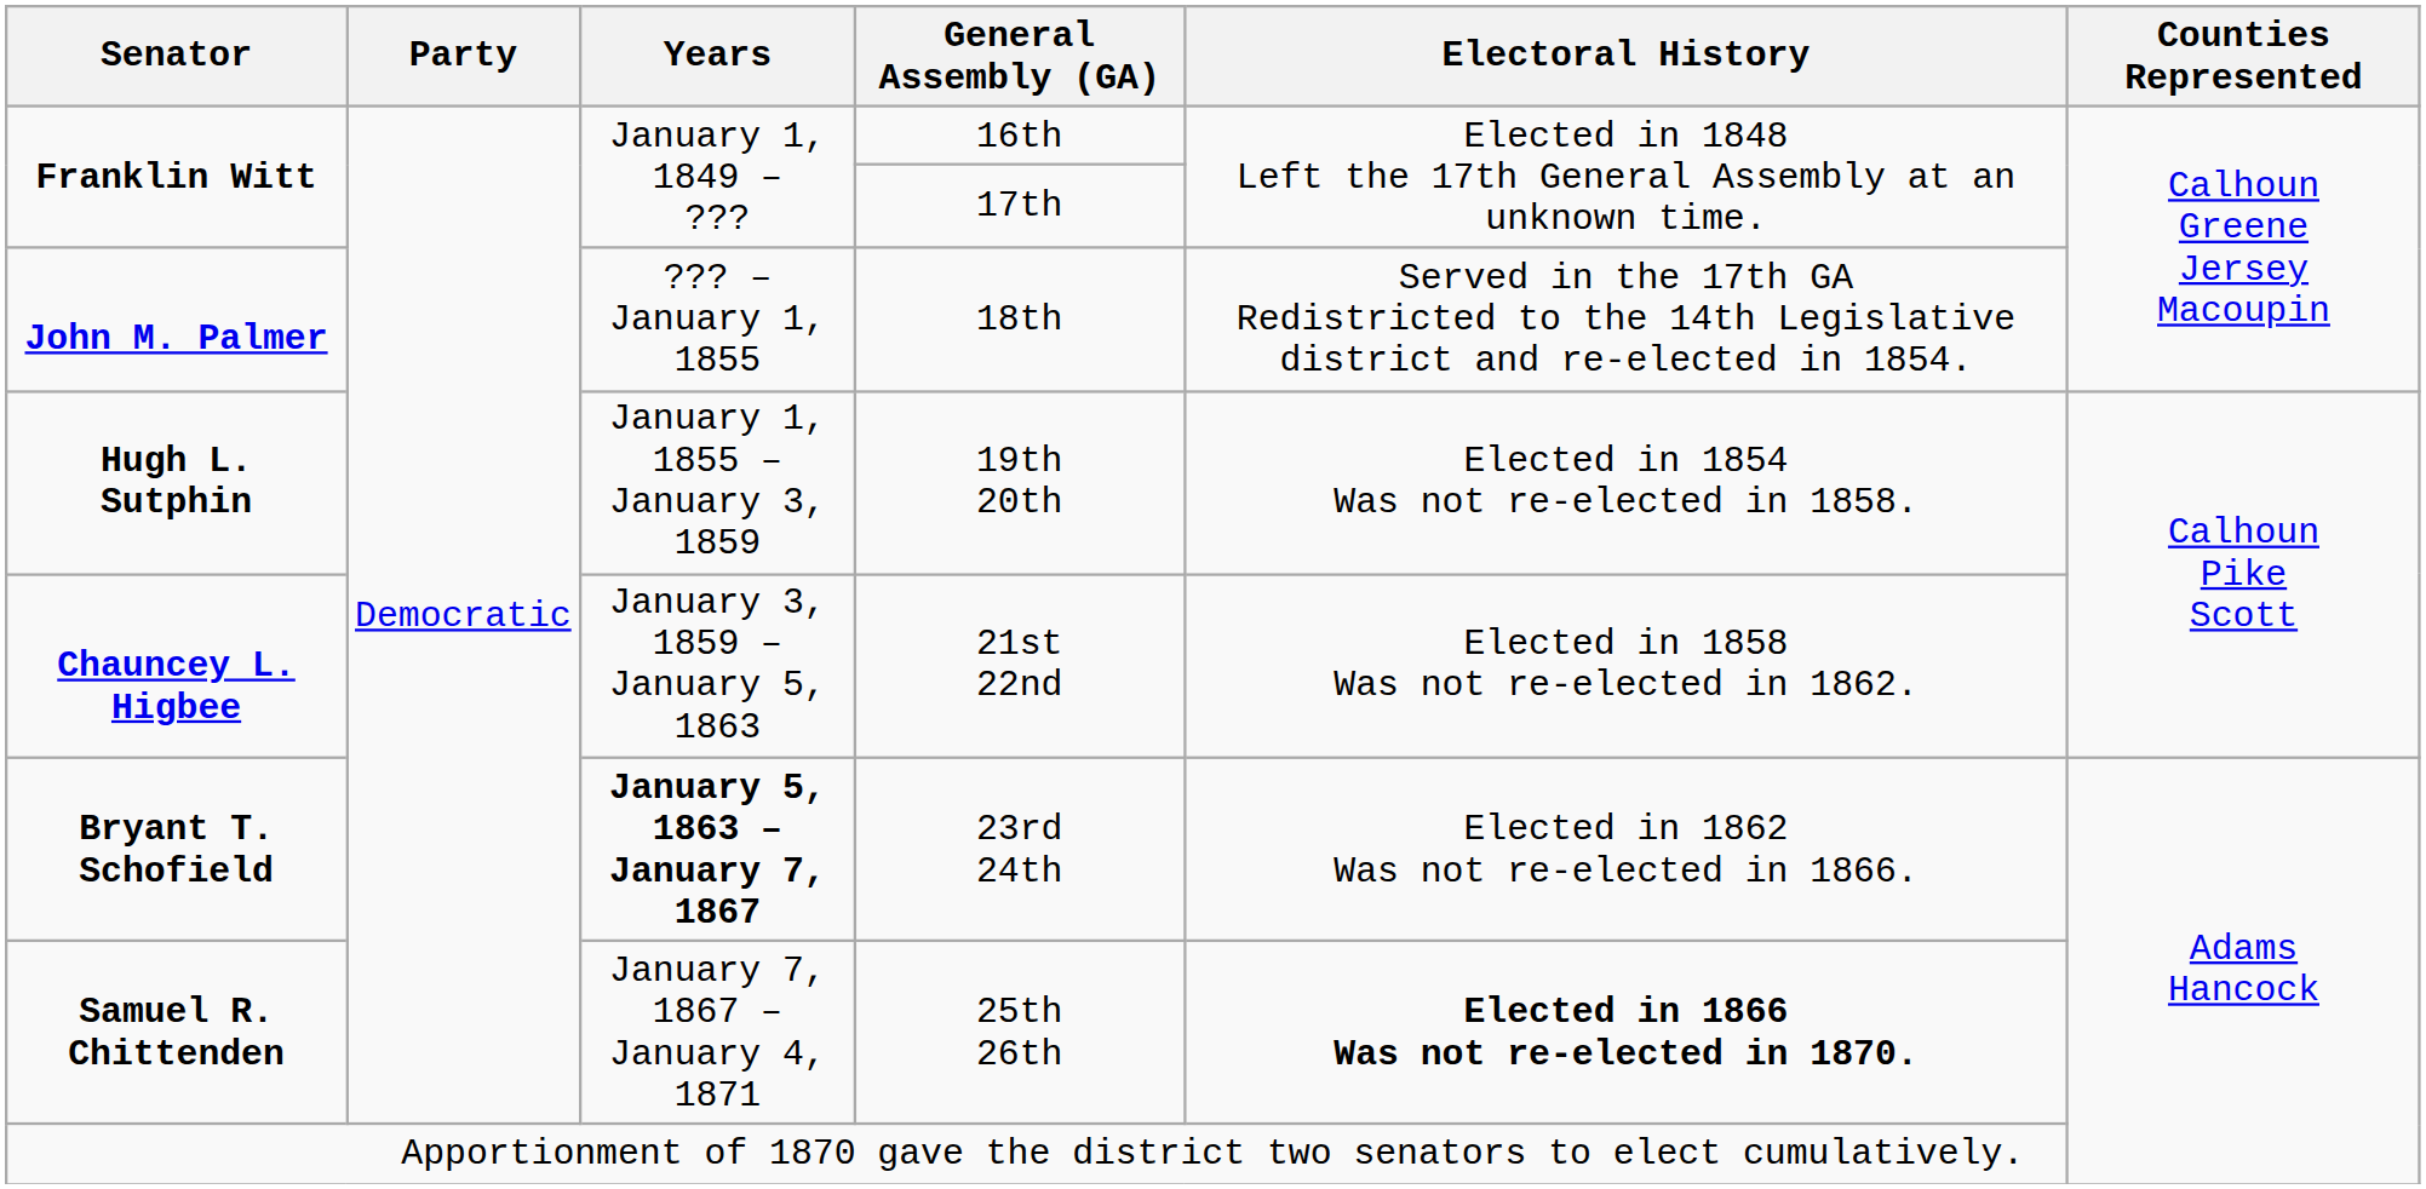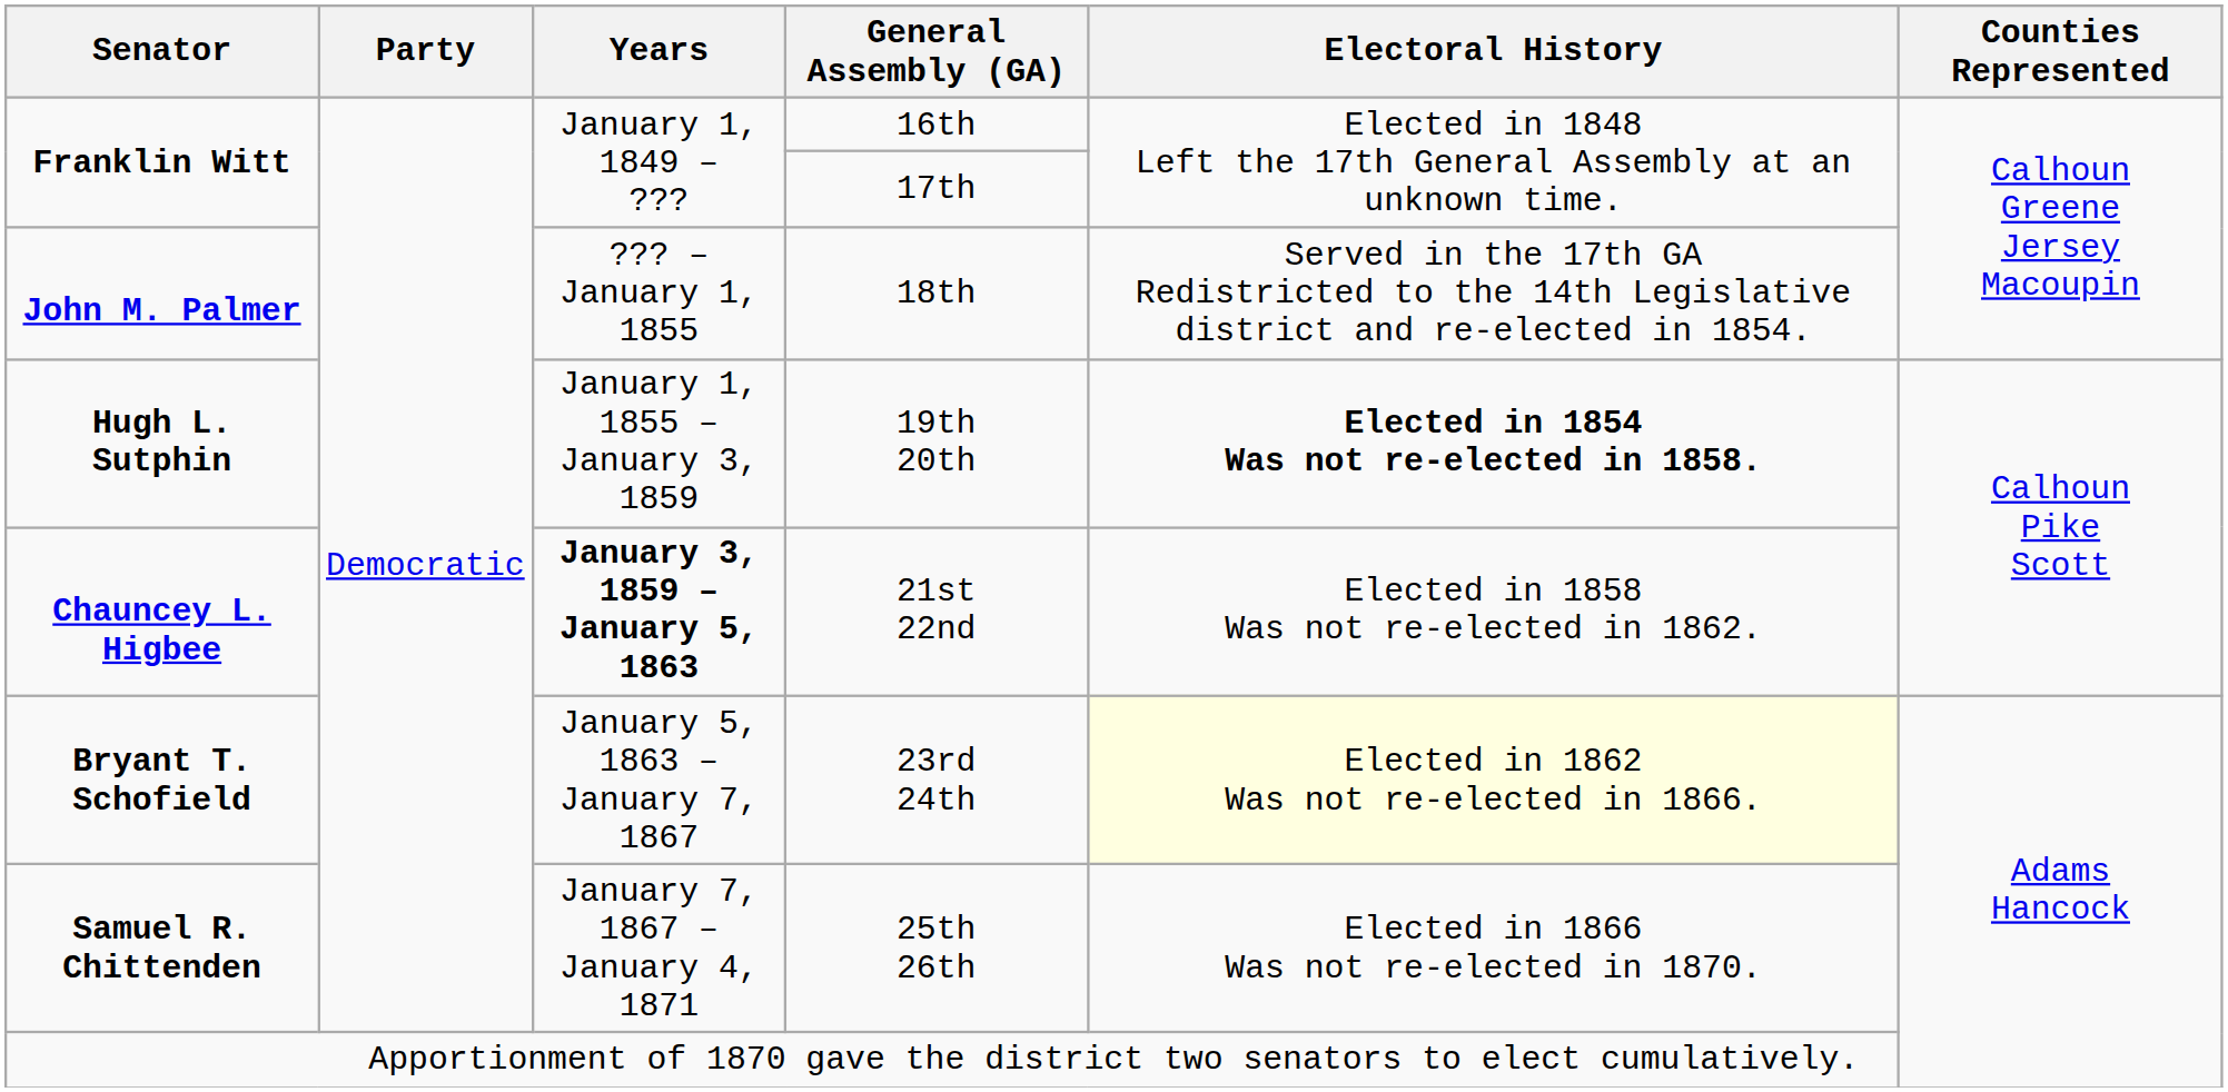 <table class="wikitable" style="text-align:center">
 <tr>
 <th>Senator</th>
 <th>Party</th>
 <th>Years</th>
 <th>General Assembly (GA)</th>
 <th>Electoral History</th>
 <th>Counties Represented</th>
 </tr>
 <tr>
 <td rowspan=2><strong>Franklin Witt</strong></td>
 <td rowspan=8 ><a href='#'>Democratic</a><br></td>
 <td rowspan=2>January 1, 1849 –<br>???</td>
 <td>16th</td>
 <td rowspan=2>Elected in 1848<br>Left the 17th General Assembly at an unknown time.</td>
 <td rowspan=4><a href='#'>Calhoun</a><br><a href='#'>Greene</a><br><a href='#'>Jersey</a><br><a href='#'>Macoupin</a></td>
 </tr>
 <tr>
 <td rowspan=2>17th</td>
 </tr>
 <tr>
 <td rowspan=2 align=center><br><strong><a href='#'>John M. Palmer</a></strong></td>
 <td rowspan=2>??? –<br>January 1, 1855</td>
 <td rowspan=2>Served in the 17th GA<br>Redistricted to the 14th Legislative district and re-elected in 1854.</td>
 </tr>
 <tr>
 <td>18th</td>
 </tr>
 <tr>
 <td><strong>Hugh L. Sutphin</strong></td>
 <td>January 1, 1855 –<br>January 3, 1859</td>
 <td>19th<br>20th</td>
-<td>Elected in 1854<br>Was not re-elected in 1858.</td>
+<td><strong>Elected in 1854<br>Was not re-elected in 1858.</strong></td>
 <td rowspan=2><a href='#'>Calhoun</a><br><a href='#'>Pike</a><br><a href='#'>Scott</a></td>
 </tr>
 <tr>
 <td align=center><br><strong><a href='#'>Chauncey L. Higbee</a></strong></td>
-<td>January 3, 1859 –<br>January 5, 1863</td>
+<td><strong>January 3, 1859 –<br>January 5, 1863</strong></td>
 <td>21st<br>22nd</td>
 <td>Elected in 1858<br>Was not re-elected in 1862.</td>
 </tr>
 <tr>
 <td><strong>Bryant T. Schofield</strong></td>
-<td><strong>January 5, 1863 –<br>January 7, 1867</strong></td>
+<td>January 5, 1863 –<br>January 7, 1867</td>
 <td>23rd<br>24th</td>
-<td>Elected in 1862<br>Was not re-elected in 1866.</td>
+<td style="background: lightyellow;">Elected in 1862<br>Was not re-elected in 1866.</td>
 <td rowspan=3><a href='#'>Adams</a><br><a href='#'>Hancock</a></td>
 </tr>
 <tr>
 <td><strong>Samuel R. Chittenden</strong></td>
 <td>January 7, 1867 –<br>January 4, 1871</td>
 <td>25th<br>26th</td>
-<td><strong>Elected in 1866<br>Was not re-elected in 1870.</strong></td>
+<td>Elected in 1866<br>Was not re-elected in 1870.</td>
 </tr>
 <tr>
 <td colspan=6>Apportionment of 1870 gave the district two senators to elect cumulatively.</td>
 </tr>
 </table>
